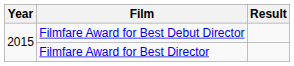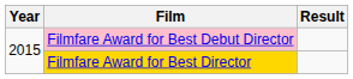 <table class="wikitable">
 <tr>
 <th>Year</th>
 <th>Film</th>
 <th>Result</th>
 </tr>
 <tr>
 <td rowspan="2">2015</td>
-<td><a href='#'>Filmfare Award for Best Debut Director</a></td>
+<td style="background: pink;"><a href='#'>Filmfare Award for Best Debut Director</a></td>
 <td></td>
 </tr>
 <tr>
-<td><a href='#'>Filmfare Award for Best Director</a></td>
+<td style="background: gold;"><a href='#'>Filmfare Award for Best Director</a></td>
 <td></td>
 </tr>
 </table>
